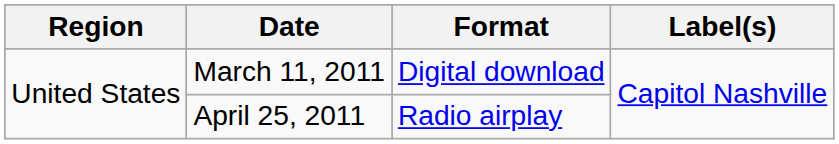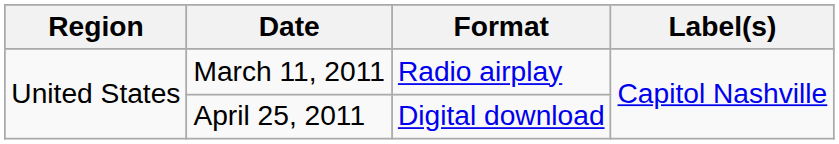 <table class="wikitable">
 <tr>
 <th>Region</th>
 <th>Date</th>
 <th>Format</th>
 <th>Label(s)</th>
 </tr>
 <tr>
 <td rowspan="2">United States</td>
 <td>March 11, 2011</td>
-<td><a href='#'>Digital download</a></td>
+<td><a href='#'>Radio airplay</a></td>
 <td rowspan="2"><a href='#'>Capitol Nashville</a></td>
 </tr>
 <tr>
 <td>April 25, 2011</td>
-<td><a href='#'>Radio airplay</a></td>
+<td><a href='#'>Digital download</a></td>
 </tr>
 </table>
